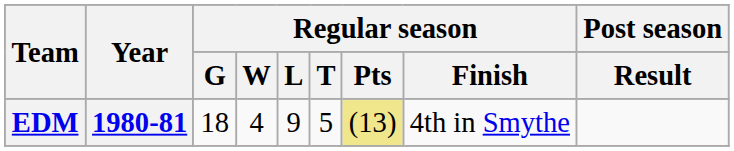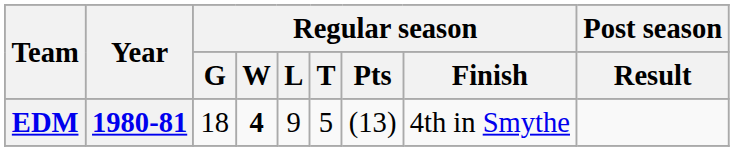 <table class="wikitable" style="font-size: 95%; text-align:center;">
 <tr>
 <th rowspan="2">Team</th>
 <th rowspan="2">Year</th>
 <th colspan="6">Regular season</th>
 <th colspan="1">Post season</th>
 </tr>
 <tr>
 <th>G</th>
 <th>W</th>
 <th>L</th>
 <th>T</th>
 <th>Pts</th>
 <th>Finish</th>
 <th>Result</th>
 </tr>
 <tr>
 <th><a href='#'>EDM</a></th>
 <th><a href='#'>1980-81</a></th>
 <td>18</td>
-<td>4</td>
+<td><strong>4</strong></td>
 <td>9</td>
 <td>5</td>
-<td style="background: khaki;">(13)</td>
+<td>(13)</td>
 <td>4th in <a href='#'>Smythe</a></td>
 <td></td>
 </tr>
 </table>
